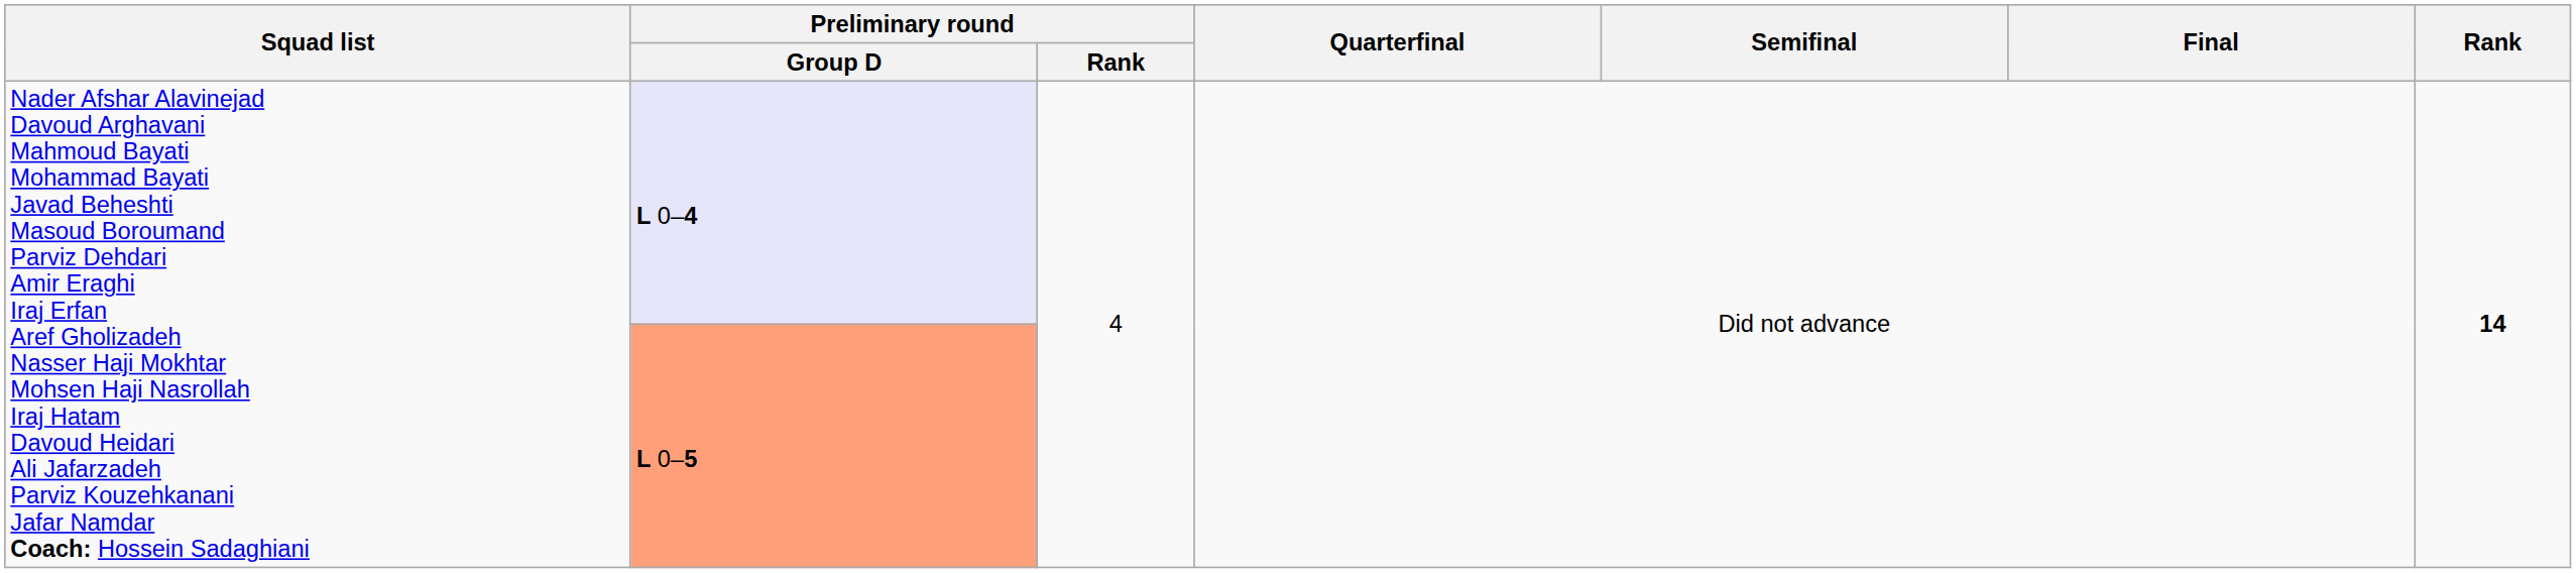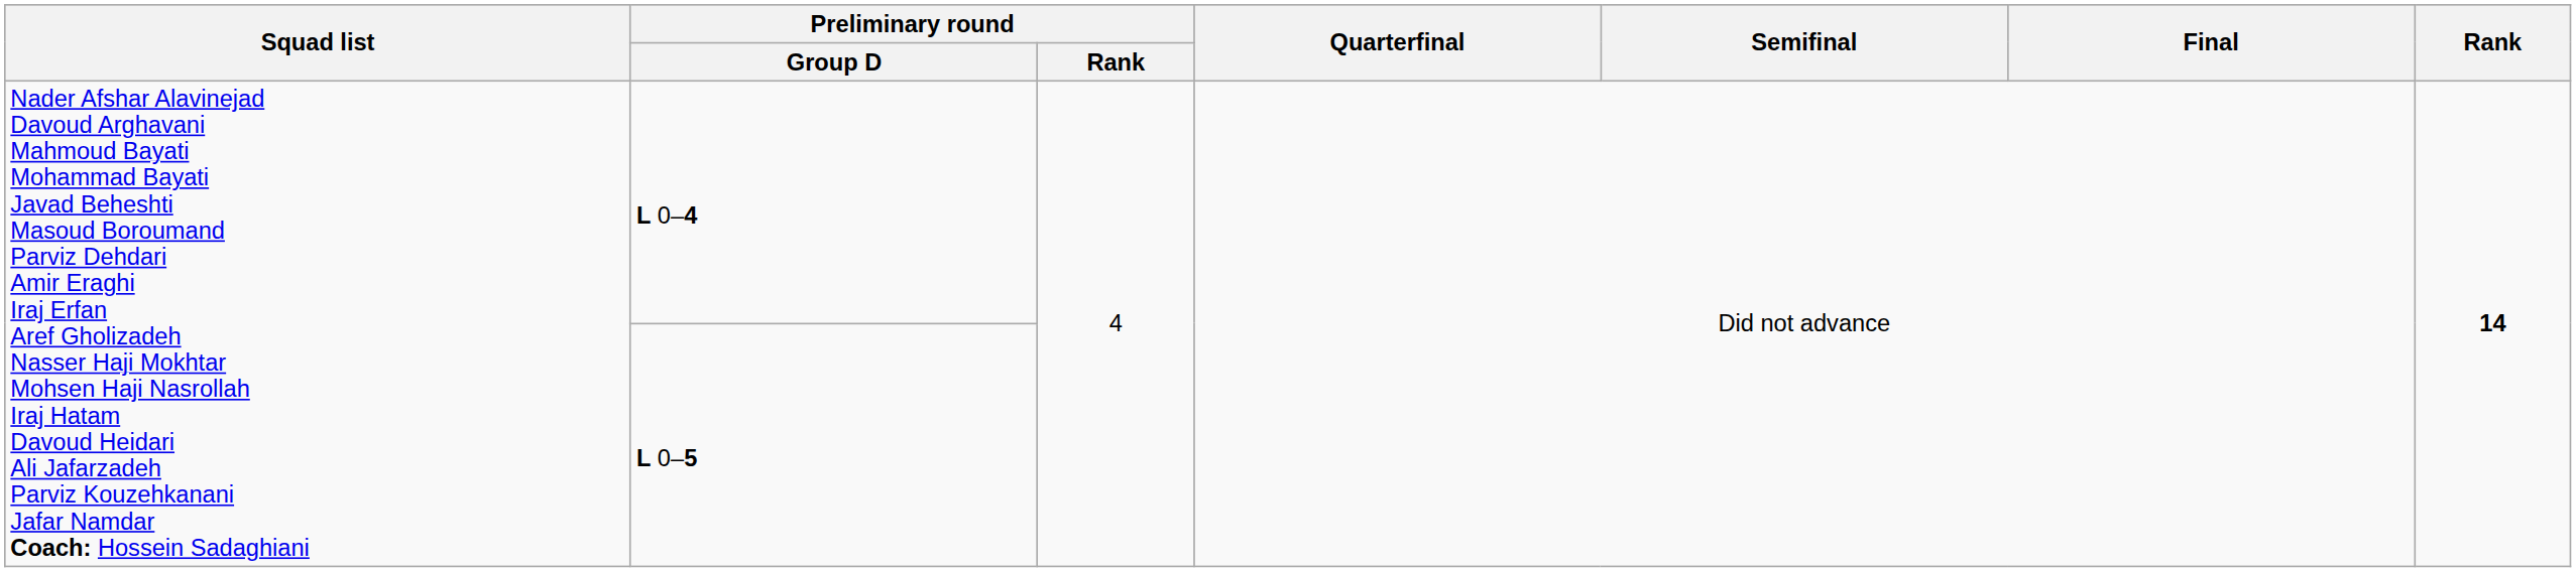 <table class="wikitable" width="98%" style="text-align:left; font-size:90%">
 <tr>
 <th rowspan="2" width="20%">Squad list</th>
 <th colspan="2">Preliminary round</th>
 <th rowspan="2" width="13%">Quarterfinal</th>
 <th rowspan="2" width="13%">Semifinal</th>
 <th rowspan="2" width="13%">Final</th>
 <th rowspan="2" width="5%">Rank</th>
 </tr>
 <tr>
 <th width="13%">Group D</th>
 <th width="5%">Rank</th>
 </tr>
 <tr>
 <td rowspan=2><a href='#'>Nader Afshar Alavinejad</a><br><a href='#'>Davoud Arghavani</a><br><a href='#'>Mahmoud Bayati</a><br><a href='#'>Mohammad Bayati</a><br><a href='#'>Javad Beheshti</a><br><a href='#'>Masoud Boroumand</a><br><a href='#'>Parviz Dehdari</a><br><a href='#'>Amir Eraghi</a><br><a href='#'>Iraj Erfan</a><br><a href='#'>Aref Gholizadeh</a><br><a href='#'>Nasser Haji Mokhtar</a><br><a href='#'>Mohsen Haji Nasrollah</a><br><a href='#'>Iraj Hatam</a><br><a href='#'>Davoud Heidari</a><br><a href='#'>Ali Jafarzadeh</a><br><a href='#'>Parviz Kouzehkanani</a><br><a href='#'>Jafar Namdar</a><br><strong>Coach:</strong> <a href='#'>Hossein Sadaghiani</a></td>
-<td style="background: lavender;"><br><strong>L</strong> 0–<strong>4</strong></td>
+<td><br><strong>L</strong> 0–<strong>4</strong></td>
 <td rowspan=2 align=center>4</td>
 <td rowspan=2 colspan=3 align=center>Did not advance</td>
 <td rowspan=2 align="center"><strong>14</strong></td>
 </tr>
 <tr>
-<td style="background: lightsalmon;"><br><strong>L</strong> 0–<strong>5</strong></td>
+<td><br><strong>L</strong> 0–<strong>5</strong></td>
 </tr>
 </table>
